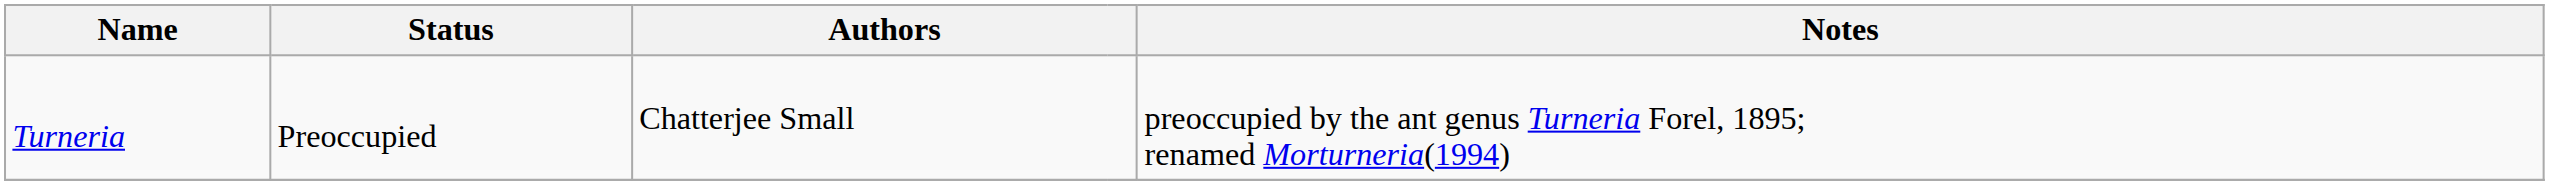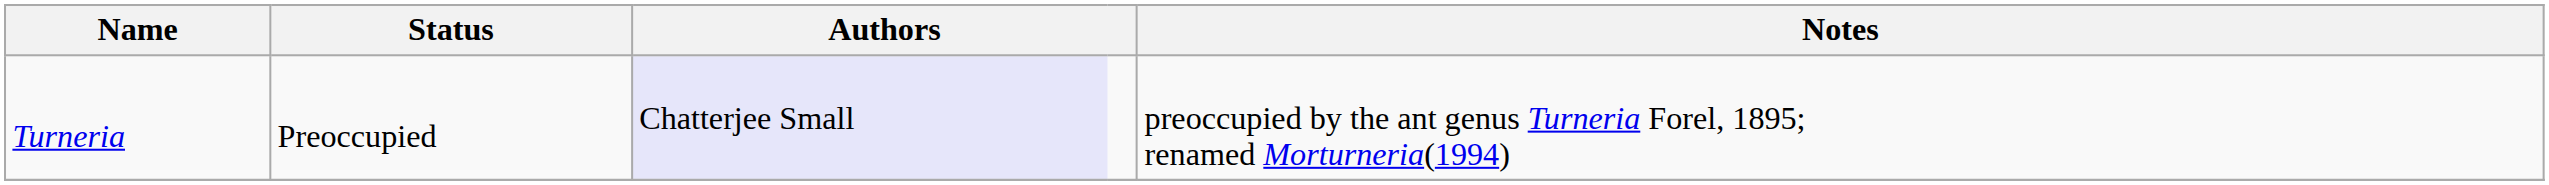 <table class="wikitable sortable" align="center" width="100%">
 <tr>
 <th>Name</th>
 <th>Status</th>
 <th colspan="2">Authors</th>
 <th>Notes</th>
 </tr>
 <tr>
 <td><br><em><a href='#'>Turneria</a></em></td>
 <td><br>Preoccupied</td>
-<td style="border-right:0px" valign="top"><br>Chatterjee Small</td>
+<td style="background: lavender; border-right:0px" valign="top"><br>Chatterjee Small</td>
 <td style="border-left:0px" valign="top"></td>
 <td><br>preoccupied by the ant genus <em><a href='#'>Turneria</a></em> Forel, 1895;<br> renamed <em><a href='#'>Morturneria</a></em>(<a href='#'>1994</a>)</td>
 </tr>
 <tr>
 </tr>
 </table>
